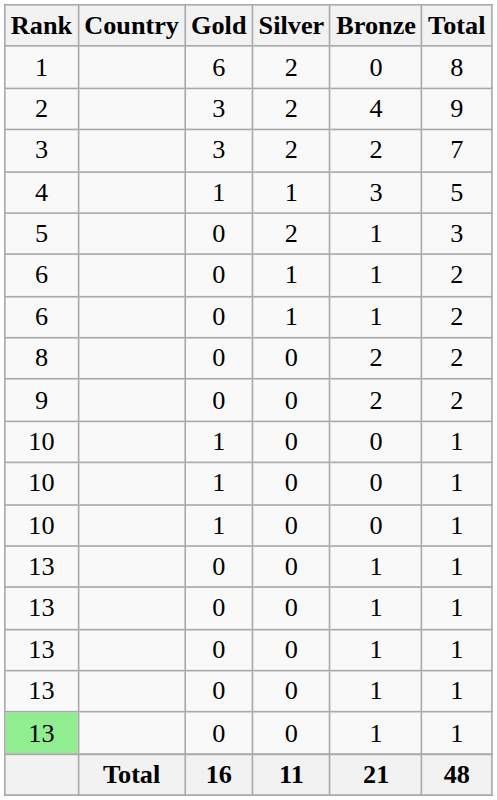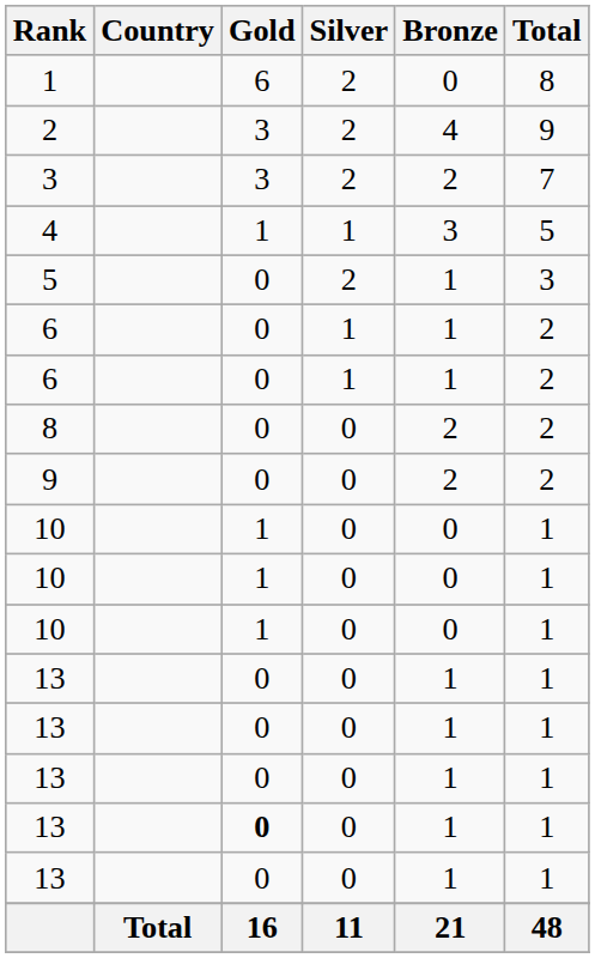 <table class="wikitable" style="text-align: center;">
 <tr>
 <th>Rank</th>
 <th>Country</th>
 <th> Gold</th>
 <th> Silver</th>
 <th> Bronze</th>
 <th>Total</th>
 </tr>
 <tr>
 <td>1</td>
 <td style="text-align: left;"></td>
 <td>6</td>
 <td>2</td>
 <td>0</td>
 <td>8</td>
 </tr>
 <tr>
 <td>2</td>
 <td style="text-align: left;"></td>
 <td>3</td>
 <td>2</td>
 <td>4</td>
 <td>9</td>
 </tr>
 <tr>
 <td>3</td>
 <td style="text-align: left;"></td>
 <td>3</td>
 <td>2</td>
 <td>2</td>
 <td>7</td>
 </tr>
 <tr>
 <td>4</td>
 <td style="text-align: left;"></td>
 <td>1</td>
 <td>1</td>
 <td>3</td>
 <td>5</td>
 </tr>
 <tr>
 <td>5</td>
 <td style="text-align: left;"></td>
 <td>0</td>
 <td>2</td>
 <td>1</td>
 <td>3</td>
 </tr>
 <tr>
 <td>6</td>
 <td style="text-align: left;"></td>
 <td>0</td>
 <td>1</td>
 <td>1</td>
 <td>2</td>
 </tr>
 <tr>
 <td>6</td>
 <td style="text-align: left;"></td>
 <td>0</td>
 <td>1</td>
 <td>1</td>
 <td>2</td>
 </tr>
 <tr>
 <td>8</td>
 <td style="text-align: left;"></td>
 <td>0</td>
 <td>0</td>
 <td>2</td>
 <td>2</td>
 </tr>
 <tr>
 <td>9</td>
 <td style="text-align: left;"></td>
 <td>0</td>
 <td>0</td>
 <td>2</td>
 <td>2</td>
 </tr>
 <tr>
 <td>10</td>
 <td style="text-align: left;"></td>
 <td>1</td>
 <td>0</td>
 <td>0</td>
 <td>1</td>
 </tr>
 <tr>
 <td>10</td>
 <td style="text-align: left;"></td>
 <td>1</td>
 <td>0</td>
 <td>0</td>
 <td>1</td>
 </tr>
 <tr>
 <td>10</td>
 <td style="text-align: left;"></td>
 <td>1</td>
 <td>0</td>
 <td>0</td>
 <td>1</td>
 </tr>
 <tr>
 <td>13</td>
 <td style="text-align: left;"></td>
 <td>0</td>
 <td>0</td>
 <td>1</td>
 <td>1</td>
 </tr>
 <tr>
 <td>13</td>
 <td style="text-align: left;"></td>
 <td>0</td>
 <td>0</td>
 <td>1</td>
 <td>1</td>
 </tr>
 <tr>
 <td>13</td>
 <td style="text-align: left;"></td>
 <td>0</td>
 <td>0</td>
 <td>1</td>
 <td>1</td>
 </tr>
 <tr>
 <td>13</td>
 <td style="text-align: left;"></td>
-<td>0</td>
+<td><strong>0</strong></td>
 <td>0</td>
 <td>1</td>
 <td>1</td>
 </tr>
 <tr>
-<td style="background: lightgreen;">13</td>
+<td>13</td>
 <td style="text-align: left;"></td>
 <td>0</td>
 <td>0</td>
 <td>1</td>
 <td>1</td>
 </tr>
 <tr>
 </tr>
 <tr>
 <th></th>
 <th>Total</th>
 <th>16</th>
 <th>11</th>
 <th>21</th>
 <th>48</th>
 </tr>
 <tr>
 </tr>
 </table>
